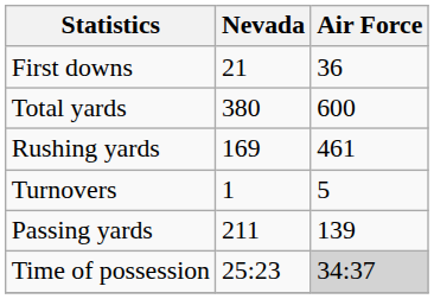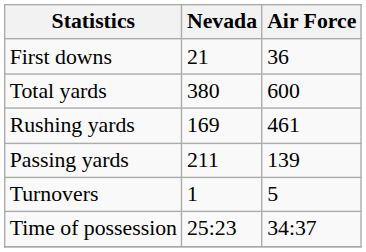 <table class="wikitable">
 <tr>
 <th>Statistics</th>
 <th>Nevada</th>
 <th>Air Force</th>
 </tr>
 <tr>
 <td>First downs</td>
 <td>21</td>
 <td>36</td>
 </tr>
 <tr>
 <td>Total yards</td>
 <td>380</td>
 <td>600</td>
 </tr>
 <tr>
 <td>Rushing yards</td>
 <td>169</td>
 <td>461</td>
 </tr>
 <tr>
+<td>Passing yards</td>
+<td>211</td>
+<td>139</td>
+</tr>
+<tr>
 <td>Turnovers</td>
 <td>1</td>
 <td>5</td>
 </tr>
 <tr>
-<td>Passing yards</td>
-<td>211</td>
-<td>139</td>
-</tr>
-<tr>
 <td>Time of possession</td>
 <td>25:23</td>
-<td style="background: lightgrey;">34:37</td>
+<td>34:37</td>
 </tr>
 <tr>
 </tr>
 </table>
